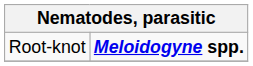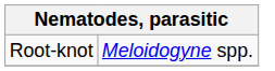 <table class="wikitable" style="clear">
 <tr>
 <th colspan=2><strong>Nematodes, parasitic</strong><br></th>
 </tr>
 <tr>
 <td>Root-knot</td>
-<td><strong><em><a href='#'>Meloidogyne</a></em> spp.</strong></td>
+<td><em><a href='#'>Meloidogyne</a></em> spp.</td>
 </tr>
 <tr>
 </tr>
 </table>
